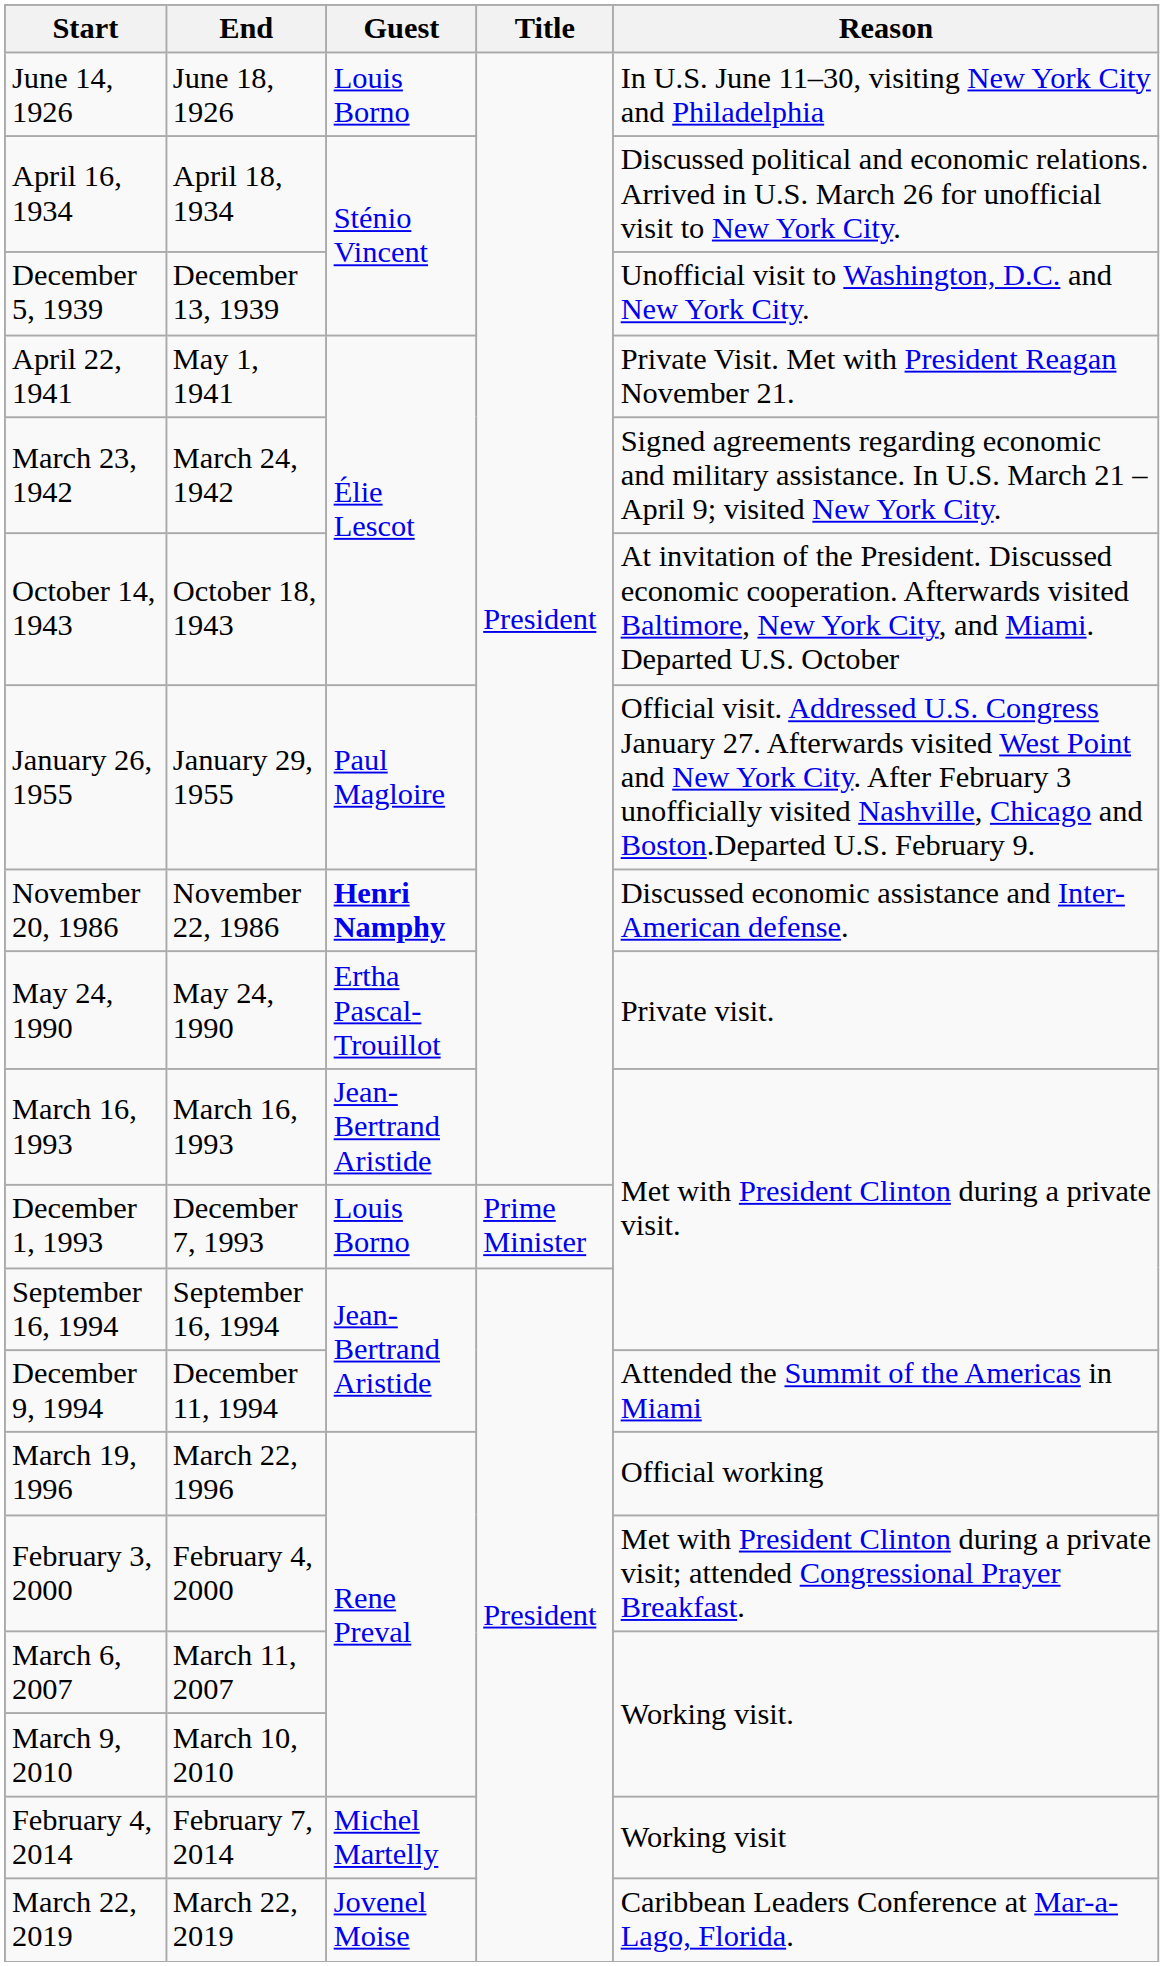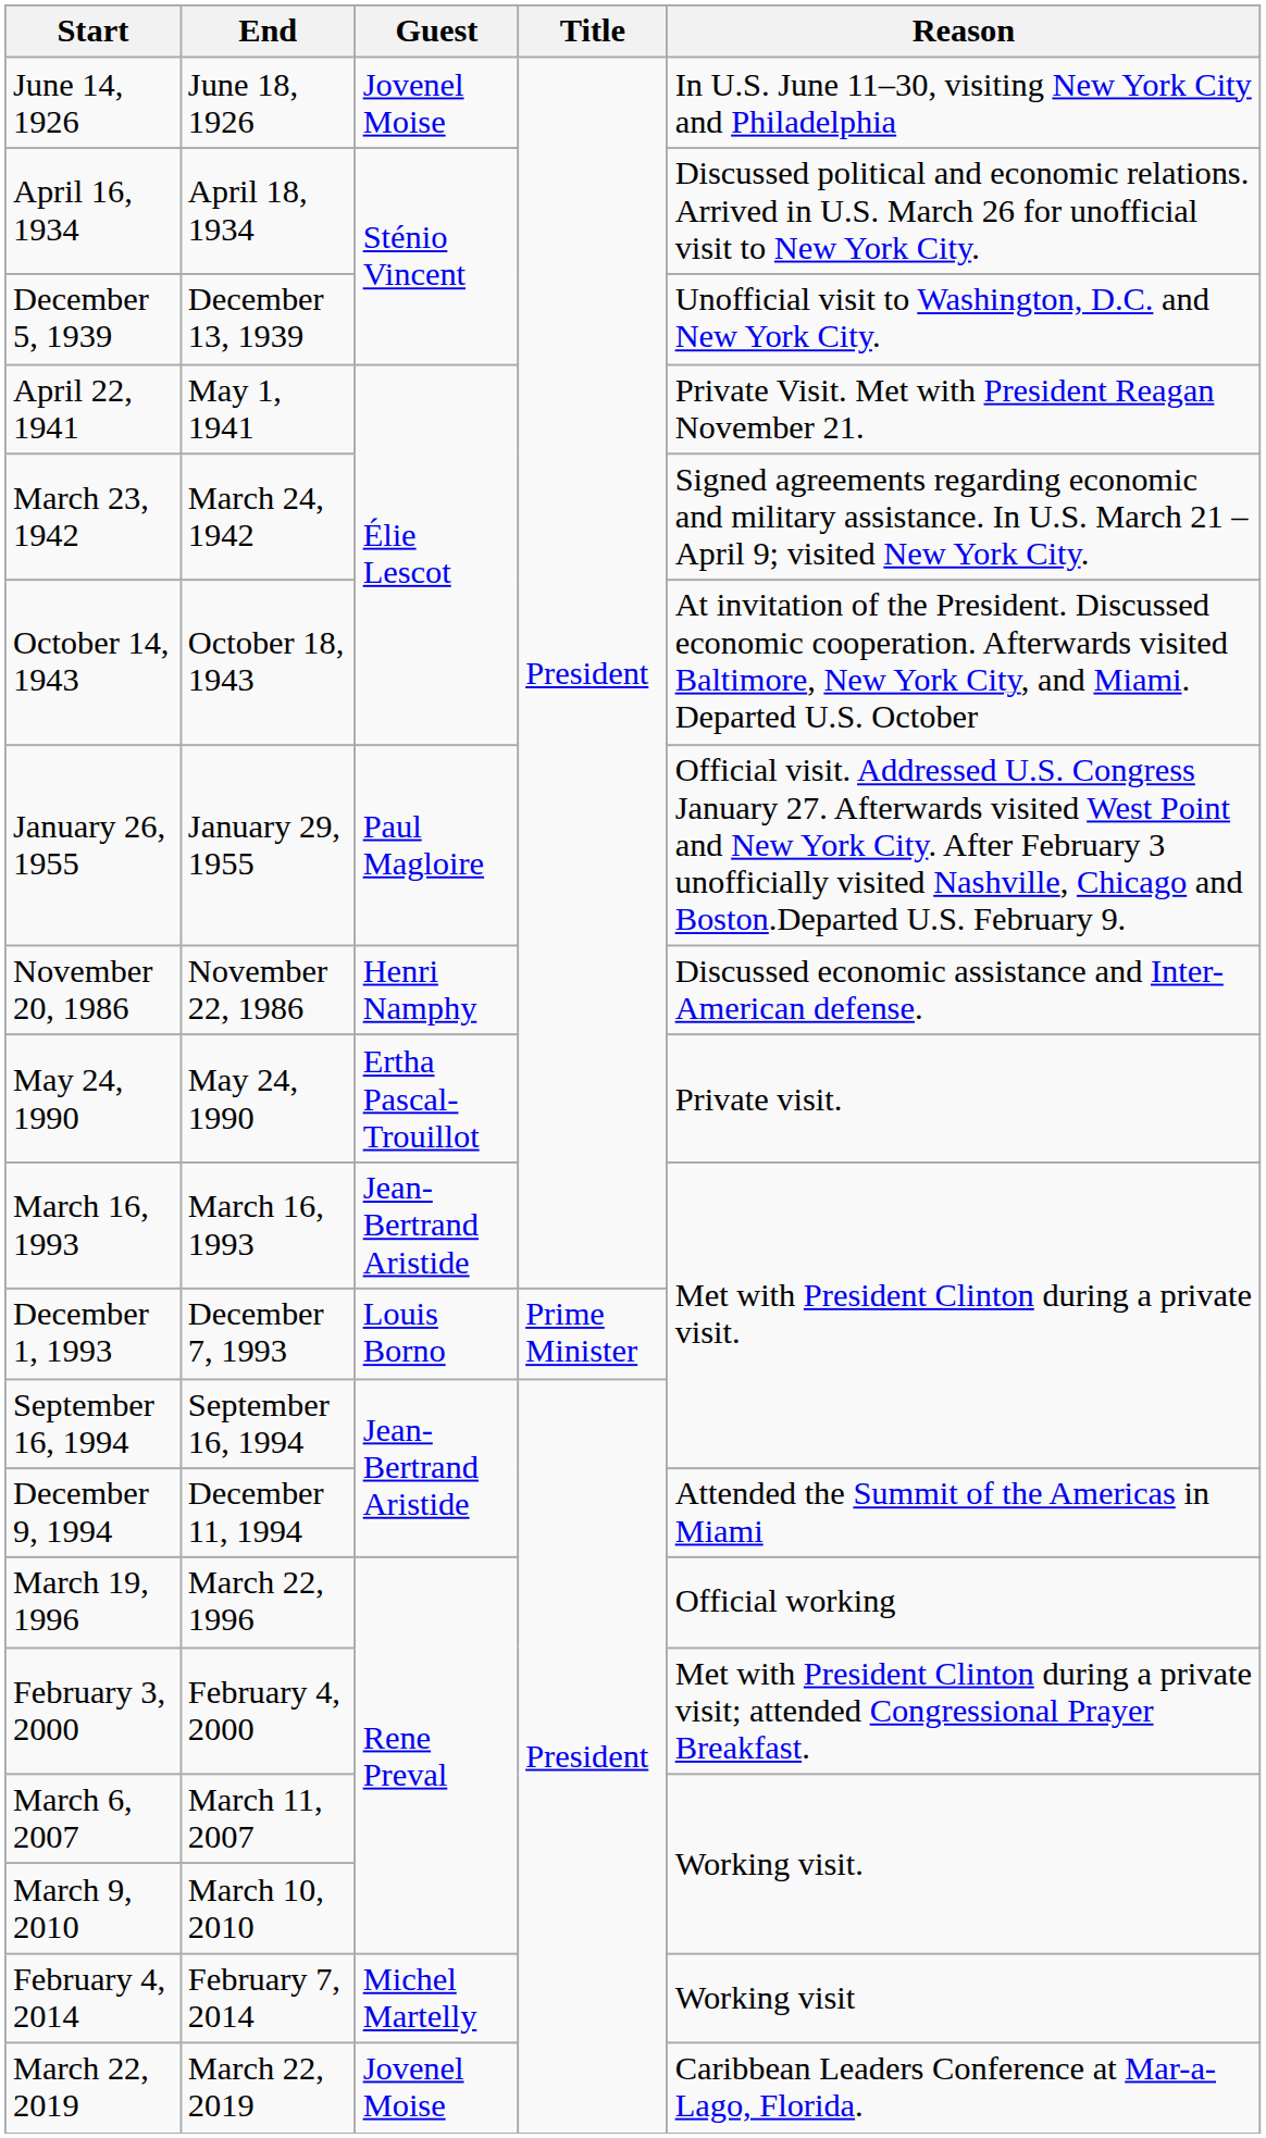 <table class="wikitable sortable">
 <tr>
 <th>Start</th>
 <th>End</th>
 <th>Guest</th>
 <th>Title</th>
 <th>Reason</th>
 </tr>
 <tr>
 <td>June 14, 1926</td>
 <td>June 18, 1926</td>
-<td><a href='#'>Louis Borno</a></td>
+<td><a href='#'>Jovenel Moise</a></td>
 <td rowspan=10><a href='#'>President</a></td>
 <td>In U.S. June 11–30, visiting <a href='#'>New York City</a> and <a href='#'>Philadelphia</a></td>
 </tr>
 <tr>
 <td>April 16, 1934</td>
 <td>April 18, 1934</td>
 <td rowspan=2><a href='#'>Sténio Vincent</a></td>
 <td>Discussed political and economic relations. Arrived in U.S. March 26 for unofficial visit to <a href='#'>New York City</a>.</td>
 </tr>
 <tr>
 <td>December 5, 1939</td>
 <td>December 13, 1939</td>
 <td>Unofficial visit to <a href='#'>Washington, D.C.</a> and <a href='#'>New York City</a>.</td>
 </tr>
 <tr>
 <td>April 22, 1941</td>
 <td>May 1, 1941</td>
 <td rowspan=3><a href='#'>Élie Lescot</a></td>
 <td>Private Visit. Met with <a href='#'>President Reagan</a> November 21.</td>
 </tr>
 <tr>
 <td>March 23, 1942</td>
 <td>March 24, 1942</td>
 <td>Signed agreements regarding economic and military assistance. In U.S. March 21 – April 9; visited <a href='#'>New York City</a>.</td>
 </tr>
 <tr>
 <td>October 14, 1943</td>
 <td>October 18, 1943</td>
 <td>At invitation of the President. Discussed economic cooperation. Afterwards visited <a href='#'>Baltimore</a>, <a href='#'>New York City</a>, and <a href='#'>Miami</a>. Departed U.S. October</td>
 </tr>
 <tr>
 <td>January 26, 1955</td>
 <td>January 29, 1955</td>
 <td><a href='#'>Paul Magloire</a></td>
 <td>Official visit. <a href='#'>Addressed U.S. Congress</a> January 27. Afterwards visited <a href='#'>West Point</a> and <a href='#'>New York City</a>. After February 3 unofficially visited <a href='#'>Nashville</a>, <a href='#'>Chicago</a> and <a href='#'>Boston</a>.Departed U.S. February 9.</td>
 </tr>
 <tr>
 <td>November 20, 1986</td>
 <td>November 22, 1986</td>
-<td><strong><a href='#'>Henri Namphy</a></strong></td>
+<td><a href='#'>Henri Namphy</a></td>
 <td>Discussed economic assistance and <a href='#'>Inter-American defense</a>.</td>
 </tr>
 <tr>
 <td>May 24, 1990</td>
 <td>May 24, 1990</td>
 <td><a href='#'>Ertha Pascal-Trouillot</a></td>
 <td>Private visit.</td>
 </tr>
 <tr>
 <td>March 16, 1993</td>
 <td>March 16, 1993</td>
 <td><a href='#'>Jean-Bertrand Aristide</a></td>
 <td rowspan=3>Met with <a href='#'>President Clinton</a> during a private visit.</td>
 </tr>
 <tr>
 <td>December 1, 1993</td>
 <td>December 7, 1993</td>
 <td><a href='#'>Louis Borno</a></td>
 <td><a href='#'>Prime Minister</a></td>
 </tr>
 <tr>
 <td>September 16, 1994</td>
 <td>September 16, 1994</td>
 <td rowspan=2><a href='#'>Jean-Bertrand Aristide</a></td>
 <td rowspan=8><a href='#'>President</a></td>
 </tr>
 <tr>
 <td>December 9, 1994</td>
 <td>December 11, 1994</td>
 <td>Attended the <a href='#'>Summit of the Americas</a> in <a href='#'>Miami</a></td>
 </tr>
 <tr>
 <td>March 19, 1996</td>
 <td>March 22, 1996</td>
 <td rowspan=4><a href='#'>Rene Preval</a></td>
 <td>Official working</td>
 </tr>
 <tr>
 <td>February 3, 2000</td>
 <td>February 4, 2000</td>
 <td>Met with <a href='#'>President Clinton</a> during a private visit; attended <a href='#'>Congressional Prayer Breakfast</a>.</td>
 </tr>
 <tr>
 <td>March 6, 2007</td>
 <td>March 11, 2007</td>
 <td rowspan=2>Working visit.</td>
 </tr>
 <tr>
 <td>March 9, 2010</td>
 <td>March 10, 2010</td>
 </tr>
 <tr>
 <td>February 4, 2014</td>
 <td>February 7, 2014</td>
 <td><a href='#'>Michel Martelly</a></td>
 <td>Working visit</td>
 </tr>
 <tr>
 <td>March 22, 2019</td>
 <td>March 22, 2019</td>
 <td><a href='#'>Jovenel Moise</a></td>
 <td>Caribbean Leaders Conference at <a href='#'>Mar-a-Lago, Florida</a>.</td>
 </tr>
 </table>
